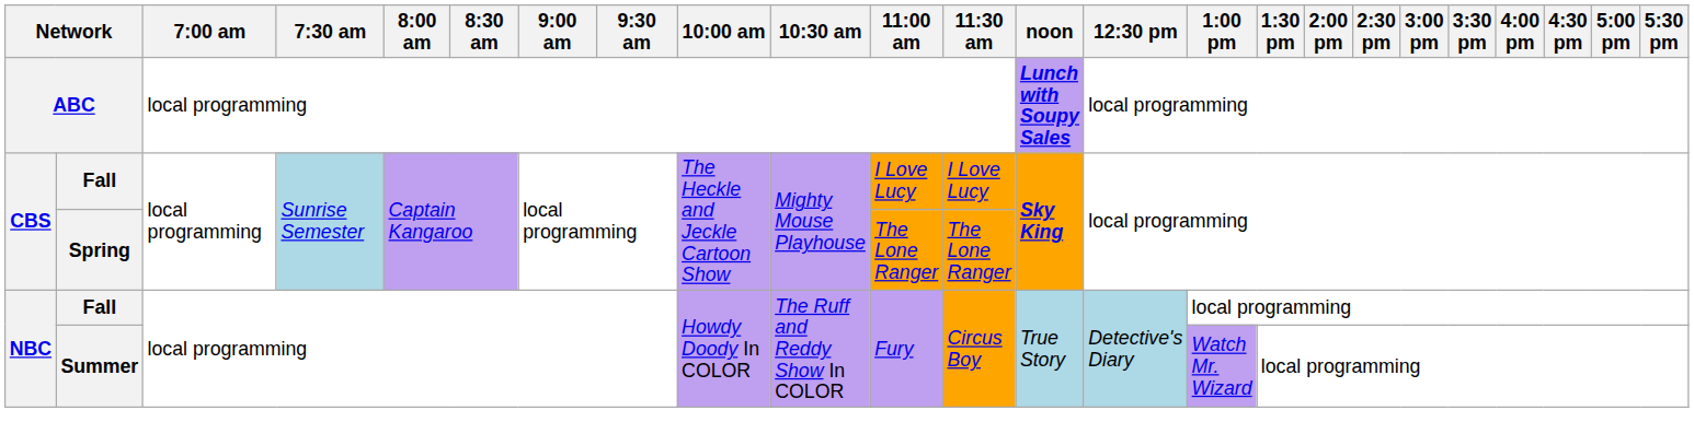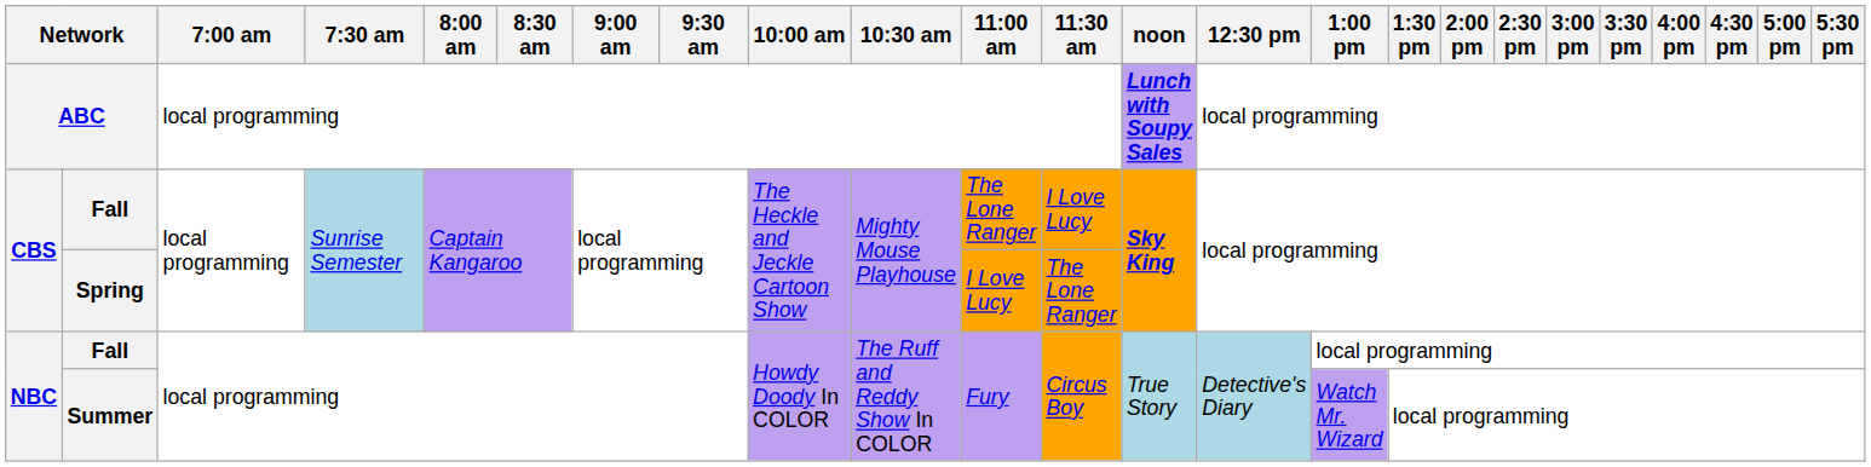 <table class=wikitable style="font-size:90%">
 <tr>
 <th width="1.5%" bgcolor="#C0C0C0" colspan="2">Network</th>
 <th width="13%" bgcolor="#C0C0C0">7:00 am</th>
 <th width="14%" bgcolor="#C0C0C0">7:30 am</th>
 <th width="13%" bgcolor="#C0C0C0">8:00 am</th>
 <th width="14%" bgcolor="#C0C0C0">8:30 am</th>
 <th width="13%" bgcolor="#C0C0C0">9:00 am</th>
 <th width="14%" bgcolor="#C0C0C0">9:30 am</th>
 <th width="13%" bgcolor="#C0C0C0">10:00 am</th>
 <th width="14%" bgcolor="#C0C0C0">10:30 am</th>
 <th width="13%" bgcolor="#C0C0C0">11:00 am</th>
 <th width="14%" bgcolor="#C0C0C0">11:30 am</th>
 <th width="13%" bgcolor="#C0C0C0">noon</th>
 <th width="14%" bgcolor="#C0C0C0">12:30 pm</th>
 <th width="13%" bgcolor="#C0C0C0">1:00 pm</th>
 <th width="14%" bgcolor="#C0C0C0">1:30 pm</th>
 <th width="13%" bgcolor="#C0C0C0">2:00 pm</th>
 <th width="14%" bgcolor="#C0C0C0">2:30 pm</th>
 <th width="13%" bgcolor="#C0C0C0">3:00 pm</th>
 <th width="14%" bgcolor="#C0C0C0">3:30 pm</th>
 <th width="13%" bgcolor="#C0C0C0">4:00 pm</th>
 <th width="14%" bgcolor="#C0C0C0">4:30 pm</th>
 <th width="13%" bgcolor="#C0C0C0">5:00 pm</th>
 <th width="14%" bgcolor="#C0C0C0">5:30 pm</th>
 </tr>
 <tr>
 <th bgcolor="#C0C0C0" colspan=2><a href='#'>ABC</a></th>
 <td bgcolor="white" colspan="10">local programming</td>
 <td bgcolor="bf9fef"><strong><em><a href='#'>Lunch with Soupy Sales</a></em></strong></td>
 <td bgcolor="white" colspan=13>local programming</td>
 </tr>
 <tr>
 <th bgcolor="#C0C0C0" rowspan=2><a href='#'>CBS</a></th>
 <th bgcolor=#C0C0C0>Fall</th>
 <td bgcolor="white" rowspan=2>local programming</td>
 <td bgcolor="lightblue" rowspan=2><em><a href='#'>Sunrise Semester</a></em></td>
 <td bgcolor="bf9fef" colspan="2" rowspan=2><em><a href='#'>Captain Kangaroo</a></em></td>
 <td bgcolor="white" colspan="2" rowspan=2>local programming</td>
 <td bgcolor="bf9fef" rowspan=2><em><a href='#'>The Heckle and Jeckle Cartoon Show</a></em></td>
 <td bgcolor="bf9fef" rowspan=2><em><a href='#'>Mighty Mouse Playhouse</a></em></td>
-<td bgcolor="orange"><em><a href='#'>I Love Lucy</a></em> </td>
+<td bgcolor="orange"><em><a href='#'>The Lone Ranger</a></em> </td>
 <td bgcolor="orange"><em><a href='#'>I Love Lucy</a></em> </td>
 <td bgcolor="orange" rowspan=2><strong><em><a href='#'>Sky King</a></em></strong> </td>
 <td bgcolor="white" colspan="13" rowspan=2>local programming</td>
 </tr>
 <tr>
 <th bgcolor=#C0C0C0>Spring</th>
-<td bgcolor="orange"><em><a href='#'>The Lone Ranger</a></em> </td>
+<td bgcolor="orange"><em><a href='#'>I Love Lucy</a></em> </td>
 <td bgcolor="orange"><em><a href='#'>The Lone Ranger</a></em> </td>
 </tr>
 <tr>
 <th bgcolor="#C0C0C0" rowspan=2><a href='#'>NBC</a></th>
 <th bgcolor=#C0C0C0>Fall</th>
 <td bgcolor="white" colspan="6" rowspan=2>local programming</td>
 <td bgcolor="bf9fef" rowspan=2><em><a href='#'>Howdy Doody</a></em> In <span>C</span><span>O</span><span>L</span><span>O</span><span>R</span></td>
 <td bgcolor="bf9fef" rowspan=2><em><a href='#'>The Ruff and Reddy Show</a></em> In <span>C</span><span>O</span><span>L</span><span>O</span><span>R</span></td>
 <td bgcolor="bf9fef" rowspan=2><em><a href='#'>Fury</a></em></td>
 <td bgcolor="orange" rowspan=2><em><a href='#'>Circus Boy</a></em> </td>
 <td bgcolor="lightblue" rowspan=2><em>True Story</em></td>
 <td bgcolor="lightblue" rowspan=2><em>Detective's Diary</em></td>
 <td bgcolor="white" colspan="10">local programming</td>
 </tr>
 <tr>
 <th bgcolor=#C0C0C0>Summer</th>
 <td bgcolor="bf9fef" rowspan=2><em><a href='#'>Watch Mr. Wizard</a></em></td>
 <td bgcolor="white" colspan="9">local programming</td>
 </tr>
 </table>
